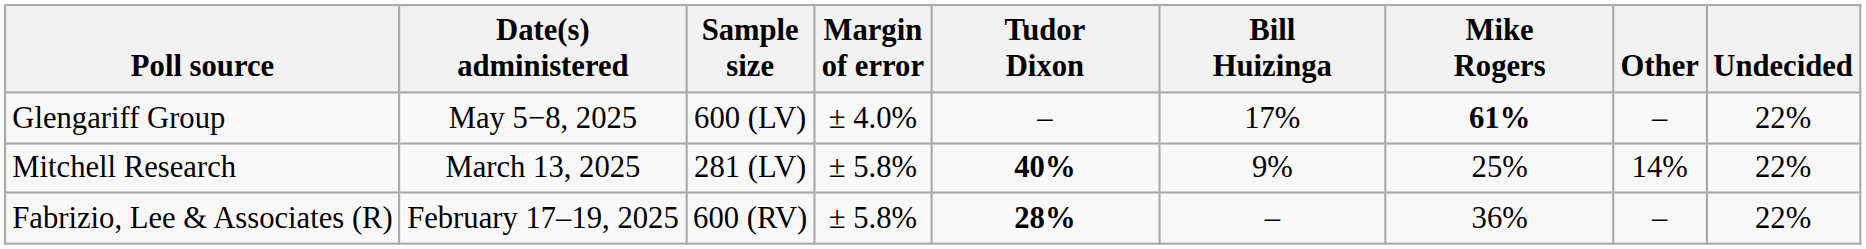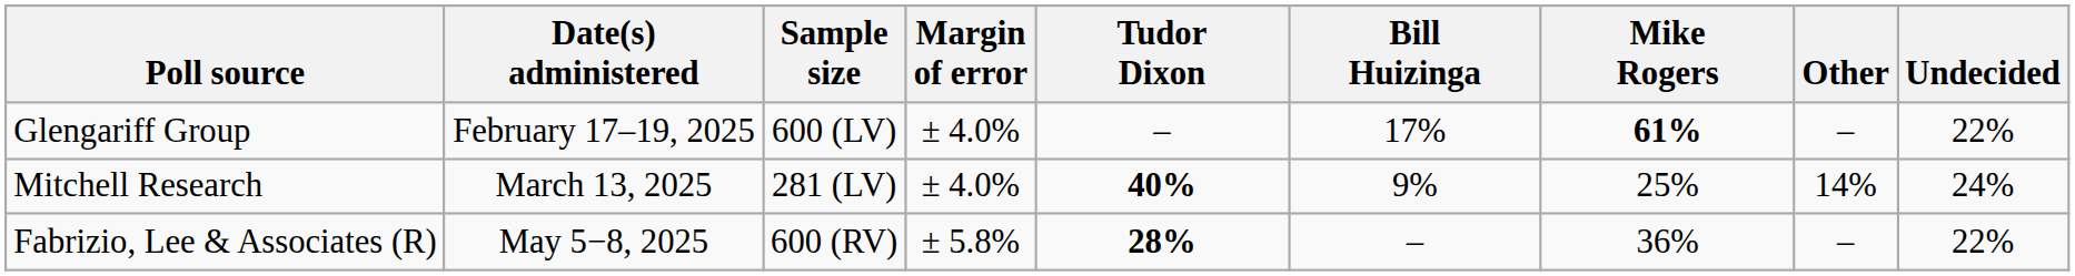 <table class="wikitable" style="font-size:90%;text-align:center;">
 <tr valign=bottom>
 <th>Poll source</th>
 <th>Date(s)<br>administered</th>
 <th>Sample<br>size</th>
 <th>Margin<br>of error</th>
 <th style="width:100px;">Tudor<br>Dixon</th>
 <th style="width:100px;">Bill<br>Huizinga</th>
 <th style="width:100px;">Mike<br>Rogers</th>
 <th>Other</th>
 <th>Undecided</th>
 </tr>
 <tr>
 <td style="text-align:left;">Glengariff Group</td>
-<td>May 5−8, 2025</td>
+<td>February 17–19, 2025</td>
 <td>600 (LV)</td>
 <td>± 4.0%</td>
 <td>–</td>
 <td>17%</td>
 <td><strong>61%</strong></td>
 <td>–</td>
 <td>22%</td>
 </tr>
 <tr>
 <td style="text-align:left;">Mitchell Research</td>
 <td>March 13, 2025</td>
 <td>281 (LV)</td>
-<td>± 5.8%</td>
+<td>± 4.0%</td>
 <td style="background-color:"><strong>40%</strong></td>
 <td>9%</td>
 <td>25%</td>
 <td>14%</td>
-<td>22%</td>
+<td>24%</td>
 </tr>
 <tr>
 <td style="text-align:left;">Fabrizio, Lee & Associates (R)</td>
-<td>February 17–19, 2025</td>
+<td>May 5−8, 2025</td>
 <td>600 (RV)</td>
 <td>± 5.8%</td>
 <td style="background-color:"><strong>28%</strong></td>
 <td>–</td>
 <td>36%</td>
 <td>–</td>
 <td>22%</td>
 </tr>
 </table>
